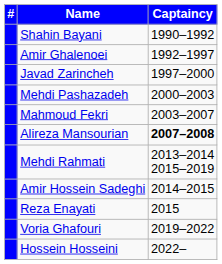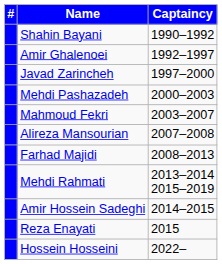 <table class="wikitable">
 <tr>
 <th style="background:#0000FF; color:#FFFFFF; ">#</th>
 <th style="background:#0000FF; color:#FFFFFF; ">Name</th>
 <th style="background:#0000FF; color:#FFFFFF; ">Captaincy</th>
 </tr>
 <tr>
 <th style="background:#0000FF; color:#FFFFFF; "></th>
 <td> <a href='#'>Shahin Bayani</a></td>
 <td>1990–1992</td>
 </tr>
 <tr>
 <th style="background:#0000FF; color:#FFFFFF; "></th>
 <td> <a href='#'>Amir Ghalenoei</a></td>
 <td>1992–1997</td>
 </tr>
 <tr>
 <th style="background:#0000FF; color:#FFFFFF; "></th>
 <td> <a href='#'>Javad Zarincheh</a></td>
 <td>1997–2000</td>
 </tr>
 <tr>
 <th style="background:#0000FF; color:#FFFFFF; "></th>
 <td> <a href='#'>Mehdi Pashazadeh</a></td>
 <td>2000–2003</td>
 </tr>
 <tr>
 <th style="background:#0000FF; color:#FFFFFF; "></th>
 <td> <a href='#'>Mahmoud Fekri</a></td>
 <td>2003–2007</td>
 </tr>
 <tr>
 <th style="background:#0000FF; color:#FFFFFF; "></th>
 <td> <a href='#'>Alireza Mansourian</a></td>
-<td><strong>2007–2008</strong></td>
+<td>2007–2008</td>
+</tr>
+<tr>
+<th style="background:#0000FF; color:#FFFFFF; "></th>
+<td> <a href='#'>Farhad Majidi</a></td>
+<td>2008–2013</td>
 </tr>
 <tr>
 <th style="background:#0000FF; color:#FFFFFF; "></th>
 <td> <a href='#'>Mehdi Rahmati</a></td>
 <td>2013–2014<br>2015–2019</td>
 </tr>
 <tr>
 <th style="background:#0000FF; color:#FFFFFF; "></th>
 <td> <a href='#'>Amir Hossein Sadeghi</a></td>
 <td>2014–2015</td>
 </tr>
 <tr>
 <th style="background:#0000FF; color:#FFFFFF; "></th>
 <td> <a href='#'>Reza Enayati</a></td>
 <td>2015</td>
 </tr>
 <tr>
 <th style="background:#0000FF; color:#FFFFFF; "></th>
-<td> <a href='#'>Voria Ghafouri</a></td>
-<td>2019–2022</td>
-</tr>
-<tr>
-<th style="background:#0000FF; color:#FFFFFF; "></th>
 <td> <a href='#'>Hossein Hosseini</a></td>
 <td>2022–</td>
 </tr>
 </table>
